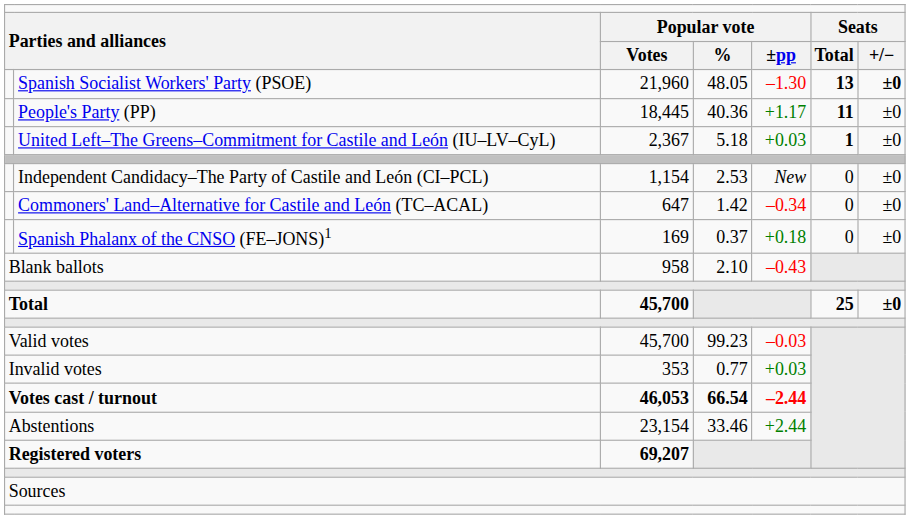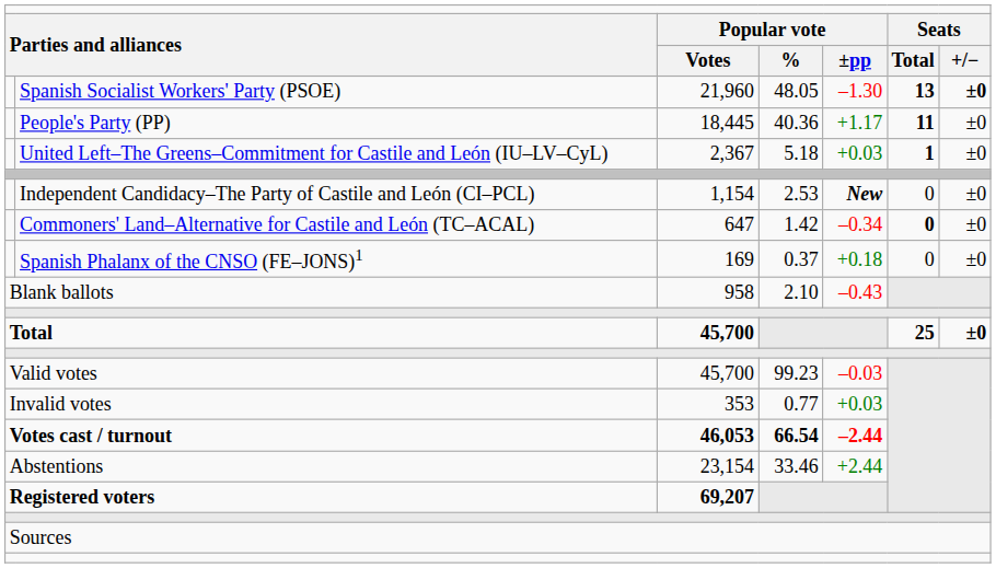 <table class="wikitable" style="text-align:right;">
 <tr>
 <td colspan="7"></td>
 </tr>
 <tr>
 <th style="text-align:left;" rowspan="2" colspan="2" width="525">Parties and alliances</th>
 <th colspan="3">Popular vote</th>
 <th colspan="2">Seats</th>
 </tr>
 <tr>
 <th width="75">Votes</th>
 <th width="45">%</th>
 <th width="45">±<a href='#'>pp</a></th>
 <th width="35">Total</th>
 <th width="35">+/−</th>
 </tr>
 <tr>
 <td width="1" style="color:inherit;background:"></td>
 <td align="left"><a href='#'>Spanish Socialist Workers' Party</a> (PSOE)</td>
 <td>21,960</td>
 <td>48.05</td>
 <td style="color:red;">–1.30</td>
 <td><strong>13</strong></td>
 <td><strong>±0</strong></td>
 </tr>
 <tr>
 <td style="color:inherit;background:"></td>
 <td align="left"><a href='#'>People's Party</a> (PP)</td>
 <td>18,445</td>
 <td>40.36</td>
 <td style="color:green;">+1.17</td>
 <td><strong>11</strong></td>
 <td>±0</td>
 </tr>
 <tr>
 <td style="color:inherit;background:"></td>
 <td align="left"><a href='#'>United Left–The Greens–Commitment for Castile and León</a> (IU–LV–CyL)</td>
 <td>2,367</td>
 <td>5.18</td>
 <td style="color:green;">+0.03</td>
 <td><strong>1</strong></td>
 <td>±0</td>
 </tr>
 <tr>
 <td colspan="7" bgcolor="#C0C0C0"></td>
 </tr>
 <tr>
 <td style="color:inherit;background:"></td>
 <td align="left">Independent Candidacy–The Party of Castile and León (CI–PCL)</td>
 <td>1,154</td>
 <td>2.53</td>
-<td><em>New</em></td>
+<td><strong><em>New</em></strong></td>
 <td>0</td>
 <td>±0</td>
 </tr>
 <tr>
 <td style="color:inherit;background:"></td>
 <td align="left"><a href='#'>Commoners' Land–Alternative for Castile and León</a> (TC–ACAL)</td>
 <td>647</td>
 <td>1.42</td>
 <td style="color:red;">–0.34</td>
-<td>0</td>
+<td><strong>0</strong></td>
 <td>±0</td>
 </tr>
 <tr>
 <td style="color:inherit;background:"></td>
 <td align="left"><a href='#'>Spanish Phalanx of the CNSO</a> (FE–JONS)<sup>1</sup></td>
 <td>169</td>
 <td>0.37</td>
 <td style="color:green;">+0.18</td>
 <td>0</td>
 <td>±0</td>
 </tr>
 <tr>
 <td align="left" colspan="2">Blank ballots</td>
 <td>958</td>
 <td>2.10</td>
 <td style="color:red;">–0.43</td>
 <td bgcolor="#E9E9E9" colspan="2"></td>
 </tr>
 <tr>
 <td colspan="7" bgcolor="#E9E9E9"></td>
 </tr>
 <tr style="font-weight:bold;">
 <td align="left" colspan="2">Total</td>
 <td>45,700</td>
 <td bgcolor="#E9E9E9" colspan="2"></td>
 <td>25</td>
 <td>±0</td>
 </tr>
 <tr>
 <td colspan="7" bgcolor="#E9E9E9"></td>
 </tr>
 <tr>
 <td align="left" colspan="2">Valid votes</td>
 <td>45,700</td>
 <td>99.23</td>
 <td style="color:red;">–0.03</td>
 <td bgcolor="#E9E9E9" colspan="2" rowspan="5"></td>
 </tr>
 <tr>
 <td align="left" colspan="2">Invalid votes</td>
 <td>353</td>
 <td>0.77</td>
 <td style="color:green;">+0.03</td>
 </tr>
 <tr style="font-weight:bold;">
 <td align="left" colspan="2">Votes cast / turnout</td>
 <td>46,053</td>
 <td>66.54</td>
 <td style="color:red;">–2.44</td>
 </tr>
 <tr>
 <td align="left" colspan="2">Abstentions</td>
 <td>23,154</td>
 <td>33.46</td>
 <td style="color:green;">+2.44</td>
 </tr>
 <tr style="font-weight:bold;">
 <td align="left" colspan="2">Registered voters</td>
 <td>69,207</td>
 <td bgcolor="#E9E9E9" colspan="2"></td>
 </tr>
 <tr>
 <td colspan="7" bgcolor="#E9E9E9"></td>
 </tr>
 <tr>
 <td align="left" colspan="7">Sources</td>
 </tr>
 <tr>
 <td colspan="7" style="text-align:left; max-width:790px;"></td>
 </tr>
 </table>
